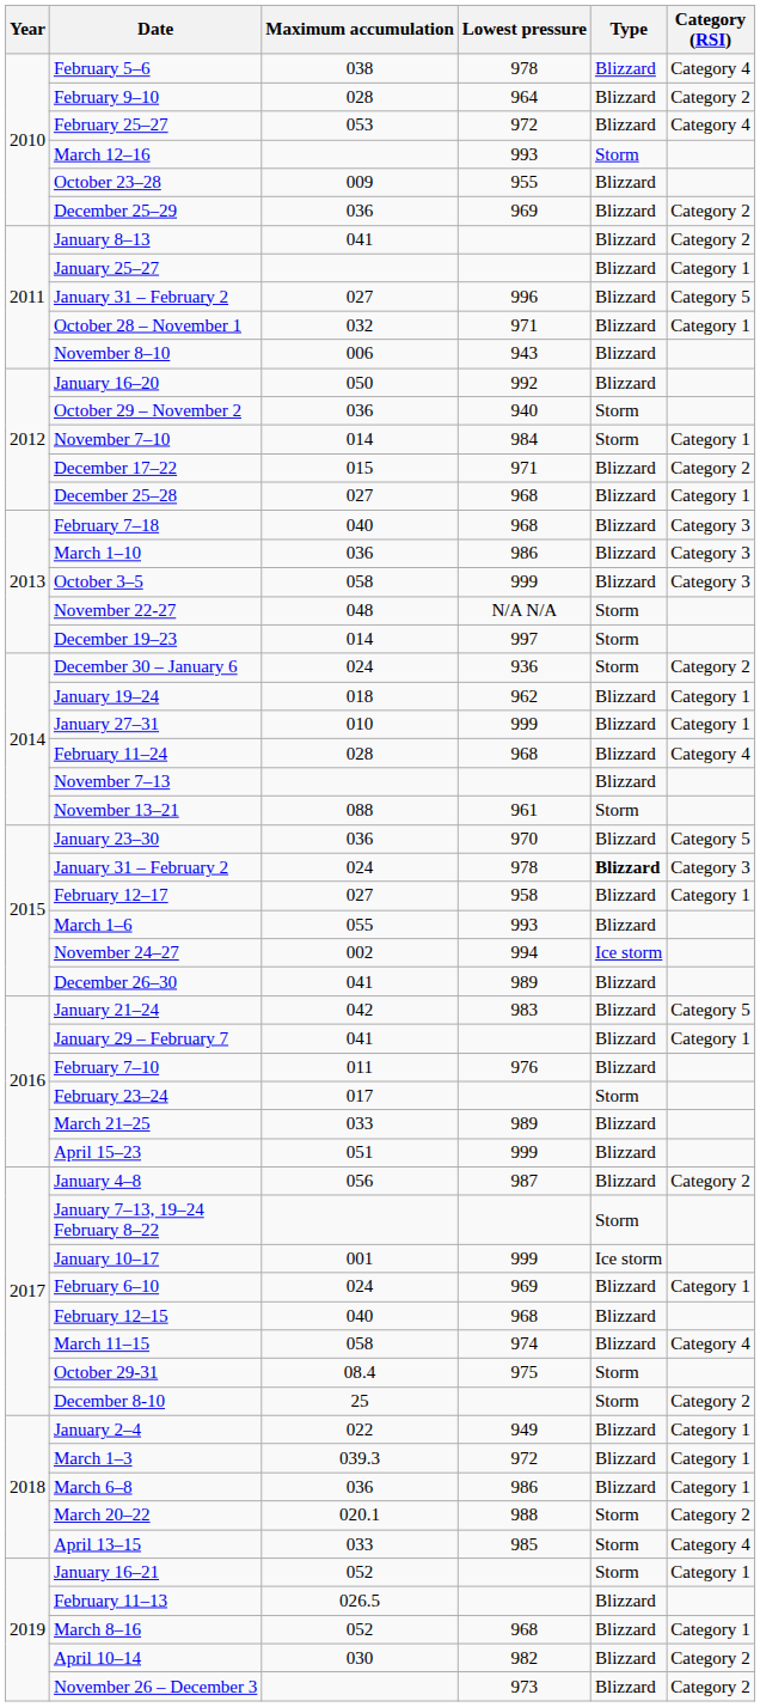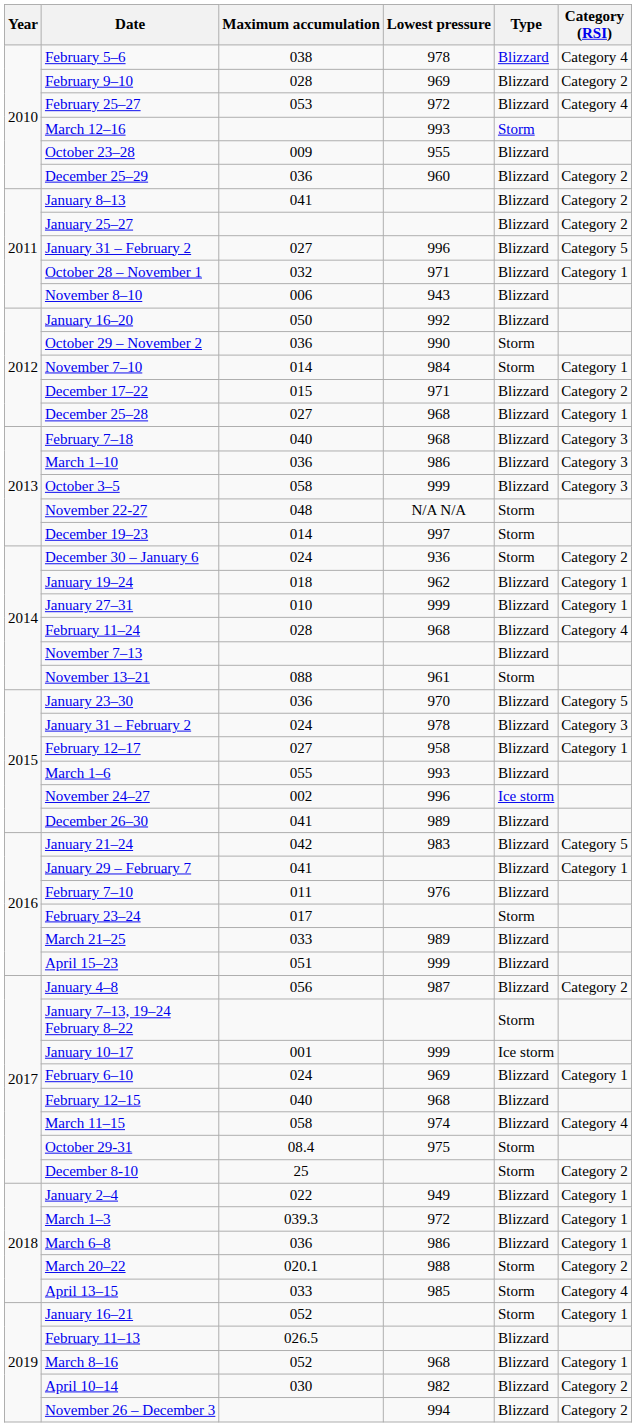 <table class="wikitable sortable">
 <tr>
 <th>Year</th>
 <th>Date</th>
 <th>Maximum accumulation</th>
 <th>Lowest pressure</th>
 <th>Type</th>
 <th>Category <br>(<a href='#'>RSI</a>)</th>
 </tr>
 <tr>
 <td rowspan="6">2010</td>
 <td><a href='#'>February 5–6</a></td>
 <td style="text-align: center;"><span>038</span> </td>
 <td style="text-align: center;"><span>978</span> </td>
 <td><a href='#'>Blizzard</a></td>
 <td style="background: #">Category 4</td>
 </tr>
 <tr>
 <td><a href='#'>February 9–10</a></td>
 <td style="text-align: center;"><span>028</span> </td>
-<td style="text-align: center;"><span>964</span> </td>
+<td style="text-align: center;"><span>969</span> </td>
 <td>Blizzard</td>
 <td style="background: #">Category 2</td>
 </tr>
 <tr>
 <td><a href='#'>February 25–27</a></td>
 <td style="text-align: center;"><span>053</span> </td>
 <td style="text-align: center;"><span>972</span> </td>
 <td>Blizzard</td>
 <td style="background: #">Category 4</td>
 </tr>
 <tr>
 <td><a href='#'>March 12–16</a></td>
 <td></td>
 <td style="text-align: center;"><span>993</span> </td>
 <td><a href='#'>Storm</a></td>
 <td></td>
 </tr>
 <tr>
 <td><a href='#'>October 23–28</a></td>
 <td style="text-align: center;"><span>009</span> </td>
 <td style="text-align: center;"><span>955</span> </td>
 <td>Blizzard</td>
 <td></td>
 </tr>
 <tr>
 <td><a href='#'>December 25–29</a></td>
 <td style="text-align: center;"><span>036</span> </td>
-<td style="text-align: center;"><span>969</span> </td>
+<td style="text-align: center;"><span>960</span> </td>
 <td>Blizzard</td>
 <td style="background: #">Category 2</td>
 </tr>
 <tr>
 <td rowspan="5">2011</td>
 <td><a href='#'>January 8–13</a></td>
 <td style="text-align: center;"><span>041</span> </td>
 <td></td>
 <td>Blizzard</td>
 <td style="background: #">Category 2</td>
 </tr>
 <tr>
 <td><a href='#'>January 25–27</a></td>
 <td></td>
 <td></td>
 <td>Blizzard</td>
-<td style="background: #">Category 1</td>
+<td style="background: #">Category 2</td>
 </tr>
 <tr>
 <td><a href='#'>January 31 – February 2</a></td>
 <td style="text-align: center;"><span>027</span> </td>
 <td style="text-align: center;"><span>996</span> </td>
 <td>Blizzard</td>
 <td style="background: #">Category 5</td>
 </tr>
 <tr>
 <td><a href='#'>October 28 – November 1</a></td>
 <td style="text-align: center;"><span>032</span> </td>
 <td style="text-align: center;"><span>971</span> </td>
 <td>Blizzard</td>
 <td style="background: #">Category 1</td>
 </tr>
 <tr>
 <td><a href='#'>November 8–10</a></td>
 <td style="text-align: center;"><span>006</span> </td>
 <td style="text-align: center;"><span>943</span> </td>
 <td>Blizzard</td>
 <td></td>
 </tr>
 <tr>
 <td rowspan="5">2012</td>
 <td><a href='#'>January 16–20</a></td>
 <td style="text-align: center;"><span>050</span> </td>
 <td style="text-align: center;"><span>992</span> </td>
 <td>Blizzard</td>
 <td></td>
 </tr>
 <tr>
 <td><a href='#'>October 29 – November 2</a></td>
 <td style="text-align: center;"><span>036</span> </td>
-<td style="text-align: center;"><span>940</span> </td>
+<td style="text-align: center;"><span>990</span> </td>
 <td>Storm</td>
 <td></td>
 </tr>
 <tr>
 <td><a href='#'>November 7–10</a></td>
 <td style="text-align: center;"><span>014</span> </td>
 <td style="text-align: center;"><span>984</span> </td>
 <td>Storm</td>
 <td style="background: #">Category 1</td>
 </tr>
 <tr>
 <td><a href='#'>December 17–22</a></td>
 <td style="text-align: center;"><span>015</span> </td>
 <td style="text-align: center;"><span>971</span> </td>
 <td>Blizzard</td>
 <td style="background: #">Category 2</td>
 </tr>
 <tr>
 <td><a href='#'>December 25–28</a></td>
 <td style="text-align: center;"><span>027</span> </td>
 <td style="text-align: center;"><span>968</span> </td>
 <td>Blizzard</td>
 <td style="background: #">Category 1</td>
 </tr>
 <tr>
 <td rowspan="5">2013</td>
 <td><a href='#'>February 7–18</a></td>
 <td style="text-align: center;"><span>040</span> </td>
 <td style="text-align: center;"><span>968</span> </td>
 <td>Blizzard</td>
 <td style="background: #">Category 3</td>
 </tr>
 <tr>
 <td><a href='#'>March 1–10</a></td>
 <td style="text-align: center;"><span>036</span> </td>
 <td style="text-align: center;"><span>986</span> </td>
 <td>Blizzard</td>
 <td style="background: #">Category 3</td>
 </tr>
 <tr>
 <td><a href='#'>October 3–5</a></td>
 <td style="text-align: center;"><span>058</span> </td>
 <td style="text-align: center;"><span>999</span> </td>
 <td>Blizzard</td>
 <td style="background: #">Category 3</td>
 </tr>
 <tr>
 <td><a href='#'>November 22-27</a></td>
 <td style="text-align: center;"><span>048</span> </td>
 <td style="text-align: center;"><span>N/A</span> N/A</td>
 <td>Storm</td>
 <td></td>
 </tr>
 <tr>
 <td><a href='#'>December 19–23</a></td>
 <td style="text-align: center;"><span>014</span> </td>
 <td style="text-align: center;"><span>997</span> </td>
 <td>Storm</td>
 <td></td>
 </tr>
 <tr>
 <td rowspan="6">2014</td>
 <td><a href='#'>December 30 – January 6</a></td>
 <td style="text-align: center;"><span>024</span> </td>
 <td style="text-align: center;"><span>936</span> </td>
 <td>Storm</td>
 <td style="background: #">Category 2</td>
 </tr>
 <tr>
 <td><a href='#'>January 19–24</a></td>
 <td style="text-align: center;"><span>018</span> </td>
 <td style="text-align: center;"><span>962</span> </td>
 <td>Blizzard</td>
 <td style="background: #">Category 1</td>
 </tr>
 <tr>
 <td><a href='#'>January 27–31</a></td>
 <td style="text-align: center;"><span>010</span> </td>
 <td style="text-align: center;"><span>999</span> </td>
 <td>Blizzard</td>
 <td style="background: #">Category 1</td>
 </tr>
 <tr>
 <td><a href='#'>February 11–24</a></td>
 <td style="text-align: center;"><span>028</span> </td>
 <td style="text-align: center;"><span>968</span> </td>
 <td>Blizzard</td>
 <td style="background: #">Category 4</td>
 </tr>
 <tr>
 <td><a href='#'>November 7–13</a></td>
 <td></td>
 <td></td>
 <td>Blizzard</td>
 <td></td>
 </tr>
 <tr>
 <td><a href='#'>November 13–21</a></td>
 <td style="text-align: center;"><span>088</span> </td>
 <td style="text-align: center;"><span>961</span> </td>
 <td>Storm</td>
 <td></td>
 </tr>
 <tr>
 <td rowspan="6">2015</td>
 <td><a href='#'>January 23–30</a></td>
 <td style="text-align: center;"><span>036</span> </td>
 <td style="text-align: center;"><span>970</span> </td>
 <td>Blizzard</td>
 <td style="background: #">Category 5</td>
 </tr>
 <tr>
 <td><a href='#'>January 31 – February 2</a></td>
 <td style="text-align: center;"><span>024</span> </td>
 <td style="text-align: center;"><span>978</span> </td>
-<td><strong>Blizzard</strong></td>
+<td>Blizzard</td>
 <td style="background: #">Category 3</td>
 </tr>
 <tr>
 <td><a href='#'>February 12–17</a></td>
 <td style="text-align: center;"><span>027</span> </td>
 <td style="text-align: center;"><span>958</span> </td>
 <td>Blizzard</td>
 <td style="background: #">Category 1</td>
 </tr>
 <tr>
 <td><a href='#'>March 1–6</a></td>
 <td style="text-align: center;"><span>055</span> </td>
 <td style="text-align: center;"><span>993</span> </td>
 <td>Blizzard</td>
 <td></td>
 </tr>
 <tr>
 <td><a href='#'>November 24–27</a></td>
 <td style="text-align: center;"><span>002</span> </td>
-<td style="text-align: center;"><span>994</span> </td>
+<td style="text-align: center;"><span>996</span> </td>
 <td><a href='#'>Ice storm</a></td>
 <td></td>
 </tr>
 <tr>
 <td><a href='#'>December 26–30</a></td>
 <td style="text-align: center;"><span>041</span> </td>
 <td style="text-align: center;"><span>989</span> </td>
 <td>Blizzard</td>
 <td></td>
 </tr>
 <tr>
 <td rowspan="6">2016</td>
 <td><a href='#'>January 21–24</a></td>
 <td style="text-align: center;"><span>042</span> </td>
 <td style="text-align: center;"><span>983</span> </td>
 <td>Blizzard</td>
 <td style="background: #">Category 5</td>
 </tr>
 <tr>
 <td><a href='#'>January 29 – February 7</a></td>
 <td style="text-align: center;"><span>041</span> </td>
 <td></td>
 <td>Blizzard</td>
 <td style="background: #">Category 1</td>
 </tr>
 <tr>
 <td><a href='#'>February 7–10</a></td>
 <td style="text-align: center;"><span>011</span> </td>
 <td style="text-align: center;"><span>976</span> </td>
 <td>Blizzard</td>
 <td></td>
 </tr>
 <tr>
 <td><a href='#'>February 23–24</a></td>
 <td style="text-align: center;"><span>017</span> </td>
 <td></td>
 <td>Storm</td>
 <td></td>
 </tr>
 <tr>
 <td><a href='#'>March 21–25</a></td>
 <td style="text-align: center;"><span>033</span> </td>
 <td style="text-align: center;"><span>989</span> </td>
 <td>Blizzard</td>
 <td></td>
 </tr>
 <tr>
 <td><a href='#'>April 15–23</a></td>
 <td style="text-align: center;"><span>051</span> </td>
 <td style="text-align: center;"><span>999</span> </td>
 <td>Blizzard</td>
 <td></td>
 </tr>
 <tr>
 <td rowspan="8">2017</td>
 <td><a href='#'>January 4–8</a></td>
 <td style="text-align: center;"><span>056</span> </td>
 <td style="text-align: center;"><span>987</span> </td>
 <td>Blizzard</td>
 <td style="background: #">Category 2</td>
 </tr>
 <tr>
 <td><a href='#'>January 7–13, 19–24<br>February 8–22</a></td>
 <td></td>
 <td></td>
 <td>Storm</td>
 <td></td>
 </tr>
 <tr>
 <td><a href='#'>January 10–17</a></td>
 <td style="text-align: center;"><span>001</span> </td>
 <td style="text-align: center;"><span>999</span> </td>
 <td>Ice storm</td>
 <td></td>
 </tr>
 <tr>
 <td><a href='#'>February 6–10</a></td>
 <td style="text-align: center;"><span>024</span> </td>
 <td style="text-align: center;"><span>969</span> </td>
 <td>Blizzard</td>
 <td style="background: #">Category 1</td>
 </tr>
 <tr>
 <td><a href='#'>February 12–15</a></td>
 <td style="text-align: center;"><span>040</span> </td>
 <td style="text-align: center;"><span>968</span> </td>
 <td>Blizzard</td>
 <td></td>
 </tr>
 <tr>
 <td><a href='#'>March 11–15</a></td>
 <td style="text-align: center;"><span>058</span> </td>
 <td style="text-align: center;"><span>974</span> </td>
 <td>Blizzard</td>
 <td style="background: #">Category 4</td>
 </tr>
 <tr>
 <td><a href='#'>October 29-31</a></td>
 <td style="text-align: center;"><span>08.4</span> </td>
 <td style="text-align: center;"><span>975</span> </td>
 <td>Storm</td>
 <td></td>
 </tr>
 <tr>
 <td><a href='#'>December 8-10</a></td>
 <td style="text-align: center;"><span>25</span> </td>
 <td></td>
 <td>Storm</td>
 <td style="background: #">Category 2</td>
 </tr>
 <tr>
 <td rowspan="5">2018</td>
 <td><a href='#'>January 2–4</a></td>
 <td style="text-align: center;"><span>022</span> </td>
 <td style="text-align: center;"><span>949</span> </td>
 <td>Blizzard</td>
 <td style="background: #">Category 1</td>
 </tr>
 <tr>
 <td><a href='#'>March 1–3</a></td>
 <td style="text-align: center;"><span>039.3</span> </td>
 <td style="text-align: center;"><span>972</span> </td>
 <td>Blizzard</td>
 <td style="background: #">Category 1</td>
 </tr>
 <tr>
 <td><a href='#'>March 6–8</a></td>
 <td style="text-align: center;"><span>036</span> </td>
 <td style="text-align: center;"><span>986</span> </td>
 <td>Blizzard</td>
 <td style="background: #">Category 1</td>
 </tr>
 <tr>
 <td><a href='#'>March 20–22</a></td>
 <td style="text-align: center;"><span>020.1</span> </td>
 <td style="text-align: center;"><span>988</span> </td>
 <td>Storm</td>
 <td style="background: #">Category 2</td>
 </tr>
 <tr>
 <td><a href='#'>April 13–15</a></td>
 <td style="text-align: center;"><span>033</span> </td>
 <td style="text-align: center;"><span>985</span> </td>
 <td>Storm</td>
 <td style="background: #">Category 4</td>
 </tr>
 <tr>
 <td rowspan="5">2019</td>
 <td><a href='#'>January 16–21</a></td>
 <td style="text-align: center;"><span>052</span> </td>
 <td></td>
 <td>Storm</td>
 <td style="background: #">Category 1</td>
 </tr>
 <tr>
 <td><a href='#'>February 11–13</a></td>
 <td style="text-align: center;"><span>026.5</span> </td>
 <td></td>
 <td>Blizzard</td>
 <td></td>
 </tr>
 <tr>
 <td><a href='#'>March 8–16</a></td>
 <td style="text-align: center;"><span>052</span> </td>
 <td style="text-align: center;"><span>968</span> </td>
 <td>Blizzard</td>
 <td style="background: #">Category 1</td>
 </tr>
 <tr>
 <td><a href='#'>April 10–14</a></td>
 <td style="text-align: center;"><span>030</span> </td>
 <td style="text-align: center;"><span>982</span> </td>
 <td>Blizzard</td>
 <td style="background: #">Category 2</td>
 </tr>
 <tr>
 <td><a href='#'>November 26 – December 3</a></td>
 <td></td>
-<td style="text-align: center;"><span>973</span> </td>
+<td style="text-align: center;"><span>994</span> </td>
 <td>Blizzard</td>
 <td style="background: #">Category 2</td>
 </tr>
 </table>
